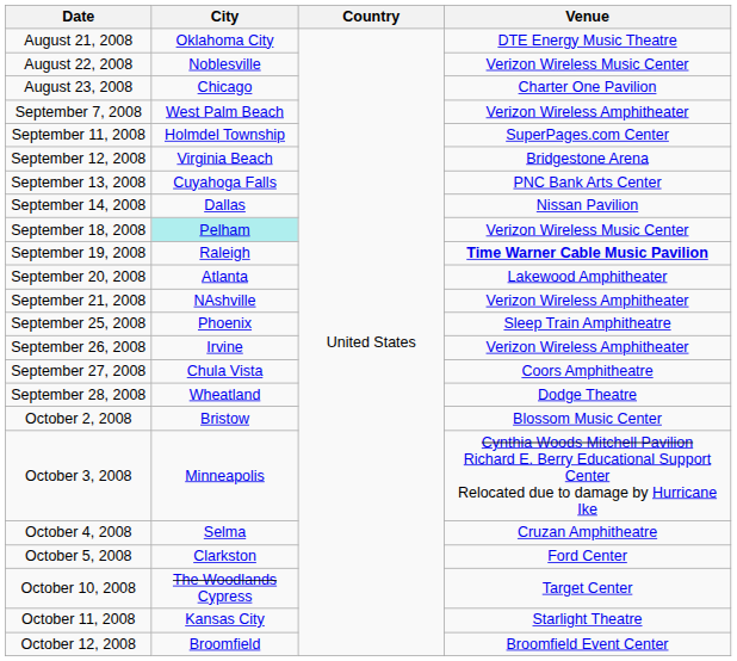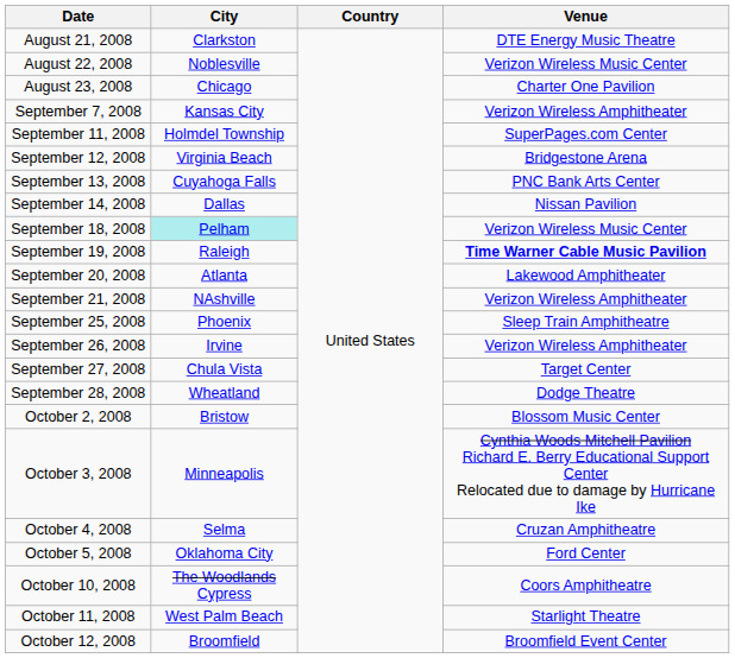 <table class="wikitable" style="text-align:center;">
 <tr>
 <th width="150">Date</th>
 <th width="150">City</th>
 <th width="150">Country</th>
 <th width="300">Venue</th>
 </tr>
 <tr>
 <td>August 21, 2008</td>
-<td><a href='#'>Oklahoma City</a></td>
+<td><a href='#'>Clarkston</a></td>
 <td rowspan="23">United States</td>
 <td><a href='#'>DTE Energy Music Theatre</a></td>
 </tr>
 <tr>
 <td>August 22, 2008</td>
 <td><a href='#'>Noblesville</a></td>
 <td><a href='#'>Verizon Wireless Music Center</a></td>
 </tr>
 <tr>
 <td>August 23, 2008</td>
 <td><a href='#'>Chicago</a></td>
 <td><a href='#'>Charter One Pavilion</a></td>
 </tr>
 <tr>
 <td>September 7, 2008</td>
-<td><a href='#'>West Palm Beach</a></td>
+<td><a href='#'>Kansas City</a></td>
 <td><a href='#'>Verizon Wireless Amphitheater</a></td>
 </tr>
 <tr>
 <td>September 11, 2008</td>
 <td><a href='#'>Holmdel Township</a></td>
 <td><a href='#'>SuperPages.com Center</a></td>
 </tr>
 <tr>
 <td>September 12, 2008</td>
 <td><a href='#'>Virginia Beach</a></td>
 <td><a href='#'>Bridgestone Arena</a></td>
 </tr>
 <tr>
 <td>September 13, 2008</td>
 <td><a href='#'>Cuyahoga Falls</a></td>
 <td><a href='#'>PNC Bank Arts Center</a></td>
 </tr>
 <tr>
 <td>September 14, 2008</td>
 <td><a href='#'>Dallas</a></td>
 <td><a href='#'>Nissan Pavilion</a></td>
 </tr>
 <tr>
 <td>September 18, 2008</td>
 <td style="background: paleturquoise;"><a href='#'>Pelham</a></td>
 <td><a href='#'>Verizon Wireless Music Center</a></td>
 </tr>
 <tr>
 <td>September 19, 2008</td>
 <td><a href='#'>Raleigh</a></td>
 <td><strong><a href='#'>Time Warner Cable Music Pavilion</a></strong></td>
 </tr>
 <tr>
 <td>September 20, 2008</td>
 <td><a href='#'>Atlanta</a></td>
 <td><a href='#'>Lakewood Amphitheater</a></td>
 </tr>
 <tr>
 <td>September 21, 2008</td>
 <td><a href='#'>NAshville</a></td>
 <td><a href='#'>Verizon Wireless Amphitheater</a></td>
 </tr>
 <tr>
 <td>September 25, 2008</td>
 <td><a href='#'>Phoenix</a></td>
 <td><a href='#'>Sleep Train Amphitheatre</a></td>
 </tr>
 <tr>
 <td>September 26, 2008</td>
 <td><a href='#'>Irvine</a></td>
 <td><a href='#'>Verizon Wireless Amphitheater</a></td>
 </tr>
 <tr>
 <td>September 27, 2008</td>
 <td><a href='#'>Chula Vista</a></td>
-<td><a href='#'>Coors Amphitheatre</a></td>
+<td><a href='#'>Target Center</a></td>
 </tr>
 <tr>
 <td>September 28, 2008</td>
 <td><a href='#'>Wheatland</a></td>
 <td><a href='#'>Dodge Theatre</a></td>
 </tr>
 <tr>
 <td>October 2, 2008</td>
 <td><a href='#'>Bristow</a></td>
 <td><a href='#'>Blossom Music Center</a></td>
 </tr>
 <tr>
 <td>October 3, 2008</td>
 <td><a href='#'>Minneapolis</a></td>
 <td><s><a href='#'>Cynthia Woods Mitchell Pavilion</a></s><br><a href='#'>Richard E. Berry Educational Support Center</a><br>Relocated due to damage by <a href='#'>Hurricane Ike</a></td>
 </tr>
 <tr>
 <td>October 4, 2008</td>
 <td><a href='#'>Selma</a></td>
 <td><a href='#'>Cruzan Amphitheatre</a></td>
 </tr>
 <tr>
 <td>October 5, 2008</td>
-<td><a href='#'>Clarkston</a></td>
+<td><a href='#'>Oklahoma City</a></td>
 <td><a href='#'>Ford Center</a></td>
 </tr>
 <tr>
 <td>October 10, 2008</td>
 <td><s><a href='#'>The Woodlands</a></s><br><a href='#'>Cypress</a></td>
-<td><a href='#'>Target Center</a></td>
+<td><a href='#'>Coors Amphitheatre</a></td>
 </tr>
 <tr>
 <td>October 11, 2008</td>
-<td><a href='#'>Kansas City</a></td>
+<td><a href='#'>West Palm Beach</a></td>
 <td><a href='#'>Starlight Theatre</a></td>
 </tr>
 <tr>
 <td>October 12, 2008</td>
 <td><a href='#'>Broomfield</a></td>
 <td><a href='#'>Broomfield Event Center</a></td>
 </tr>
 </table>
